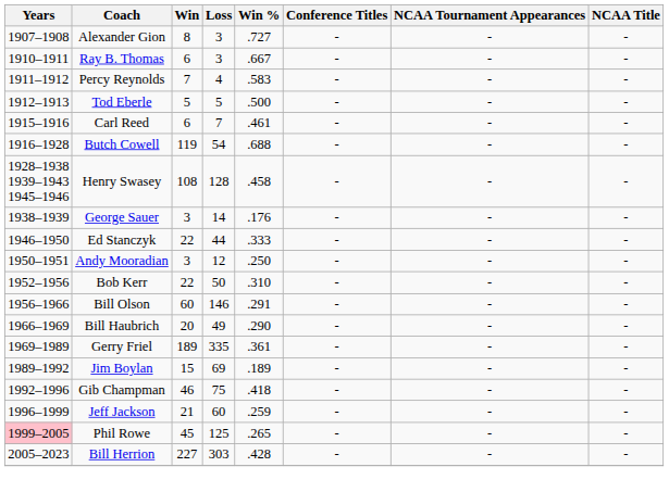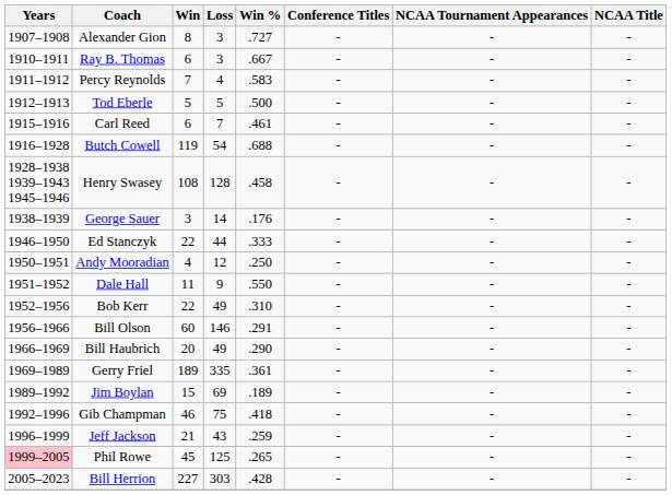 <table class="wikitable" style="text-align: center">
 <tr>
 <th>Years</th>
 <th>Coach</th>
 <th>Win</th>
 <th>Loss</th>
 <th>Win %</th>
 <th>Conference Titles</th>
 <th>NCAA Tournament Appearances</th>
 <th>NCAA Title</th>
 </tr>
 <tr>
 <td>1907–1908</td>
 <td>Alexander Gion</td>
 <td>8</td>
 <td>3</td>
 <td>.727</td>
 <td>-</td>
 <td>-</td>
 <td>-</td>
 </tr>
 <tr>
 <td>1910–1911</td>
 <td><a href='#'>Ray B. Thomas</a></td>
 <td>6</td>
 <td>3</td>
 <td>.667</td>
 <td>-</td>
 <td>-</td>
 <td>-</td>
 </tr>
 <tr>
 <td>1911–1912</td>
 <td>Percy Reynolds</td>
 <td>7</td>
 <td>4</td>
 <td>.583</td>
 <td>-</td>
 <td>-</td>
 <td>-</td>
 </tr>
 <tr>
 <td>1912–1913</td>
 <td><a href='#'>Tod Eberle</a></td>
 <td>5</td>
 <td>5</td>
 <td>.500</td>
 <td>-</td>
 <td>-</td>
 <td>-</td>
 </tr>
 <tr>
 <td>1915–1916</td>
 <td>Carl Reed</td>
 <td>6</td>
 <td>7</td>
 <td>.461</td>
 <td>-</td>
 <td>-</td>
 <td>-</td>
 </tr>
 <tr>
 <td>1916–1928</td>
 <td><a href='#'>Butch Cowell</a></td>
 <td>119</td>
 <td>54</td>
 <td>.688</td>
 <td>-</td>
 <td>-</td>
 <td>-</td>
 </tr>
 <tr>
 <td>1928–1938<br>1939–1943<br>1945–1946</td>
 <td>Henry Swasey</td>
 <td>108</td>
 <td>128</td>
 <td>.458</td>
 <td>-</td>
 <td>-</td>
 <td>-</td>
 </tr>
 <tr>
 <td>1938–1939</td>
 <td><a href='#'>George Sauer</a></td>
 <td>3</td>
 <td>14</td>
 <td>.176</td>
 <td>-</td>
 <td>-</td>
 <td>-</td>
 </tr>
 <tr>
 <td>1946–1950</td>
 <td>Ed Stanczyk</td>
 <td>22</td>
 <td>44</td>
 <td>.333</td>
 <td>-</td>
 <td>-</td>
 <td>-</td>
 </tr>
 <tr>
 <td>1950–1951</td>
 <td><a href='#'>Andy Mooradian</a></td>
-<td>3</td>
+<td>4</td>
 <td>12</td>
 <td>.250</td>
+<td>-</td>
+<td>-</td>
+<td>-</td>
+</tr>
+<tr>
+<td>1951–1952</td>
+<td><a href='#'>Dale Hall</a></td>
+<td>11</td>
+<td>9</td>
+<td>.550</td>
 <td>-</td>
 <td>-</td>
 <td>-</td>
 </tr>
 <tr>
 <td>1952–1956</td>
 <td>Bob Kerr</td>
 <td>22</td>
-<td>50</td>
+<td>49</td>
 <td>.310</td>
 <td>-</td>
 <td>-</td>
 <td>-</td>
 </tr>
 <tr>
 <td>1956–1966</td>
 <td>Bill Olson</td>
 <td>60</td>
 <td>146</td>
 <td>.291</td>
 <td>-</td>
 <td>-</td>
 <td>-</td>
 </tr>
 <tr>
 <td>1966–1969</td>
 <td>Bill Haubrich</td>
 <td>20</td>
 <td>49</td>
 <td>.290</td>
 <td>-</td>
 <td>-</td>
 <td>-</td>
 </tr>
 <tr>
 <td>1969–1989</td>
 <td>Gerry Friel</td>
 <td>189</td>
 <td>335</td>
 <td>.361</td>
 <td>-</td>
 <td>-</td>
 <td>-</td>
 </tr>
 <tr>
 <td>1989–1992</td>
 <td><a href='#'>Jim Boylan</a></td>
 <td>15</td>
 <td>69</td>
 <td>.189</td>
 <td>-</td>
 <td>-</td>
 <td>-</td>
 </tr>
 <tr>
 <td>1992–1996</td>
 <td>Gib Champman</td>
 <td>46</td>
 <td>75</td>
 <td>.418</td>
 <td>-</td>
 <td>-</td>
 <td>-</td>
 </tr>
 <tr>
 <td>1996–1999</td>
 <td><a href='#'>Jeff Jackson</a></td>
 <td>21</td>
-<td>60</td>
+<td>43</td>
 <td>.259</td>
 <td>-</td>
 <td>-</td>
 <td>-</td>
 </tr>
 <tr>
 <td style="background: pink;">1999–2005</td>
 <td>Phil Rowe</td>
 <td>45</td>
 <td>125</td>
 <td>.265</td>
 <td>-</td>
 <td>-</td>
 <td>-</td>
 </tr>
 <tr>
 <td>2005–2023</td>
 <td><a href='#'>Bill Herrion</a></td>
 <td>227</td>
 <td>303</td>
 <td>.428</td>
 <td>-</td>
 <td>-</td>
 <td>-</td>
 </tr>
 <tr>
 </tr>
 </table>
